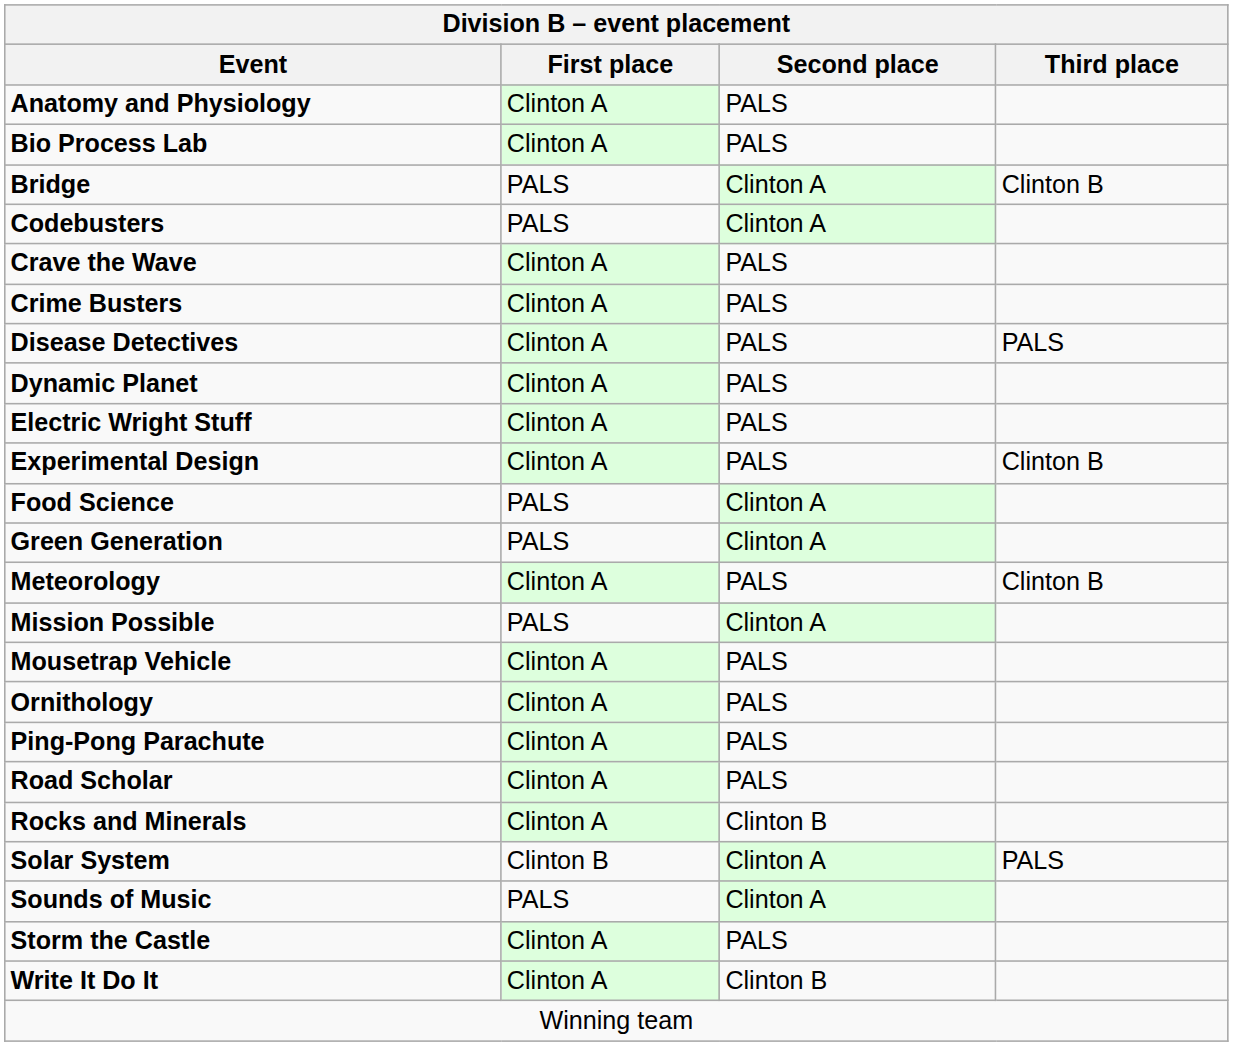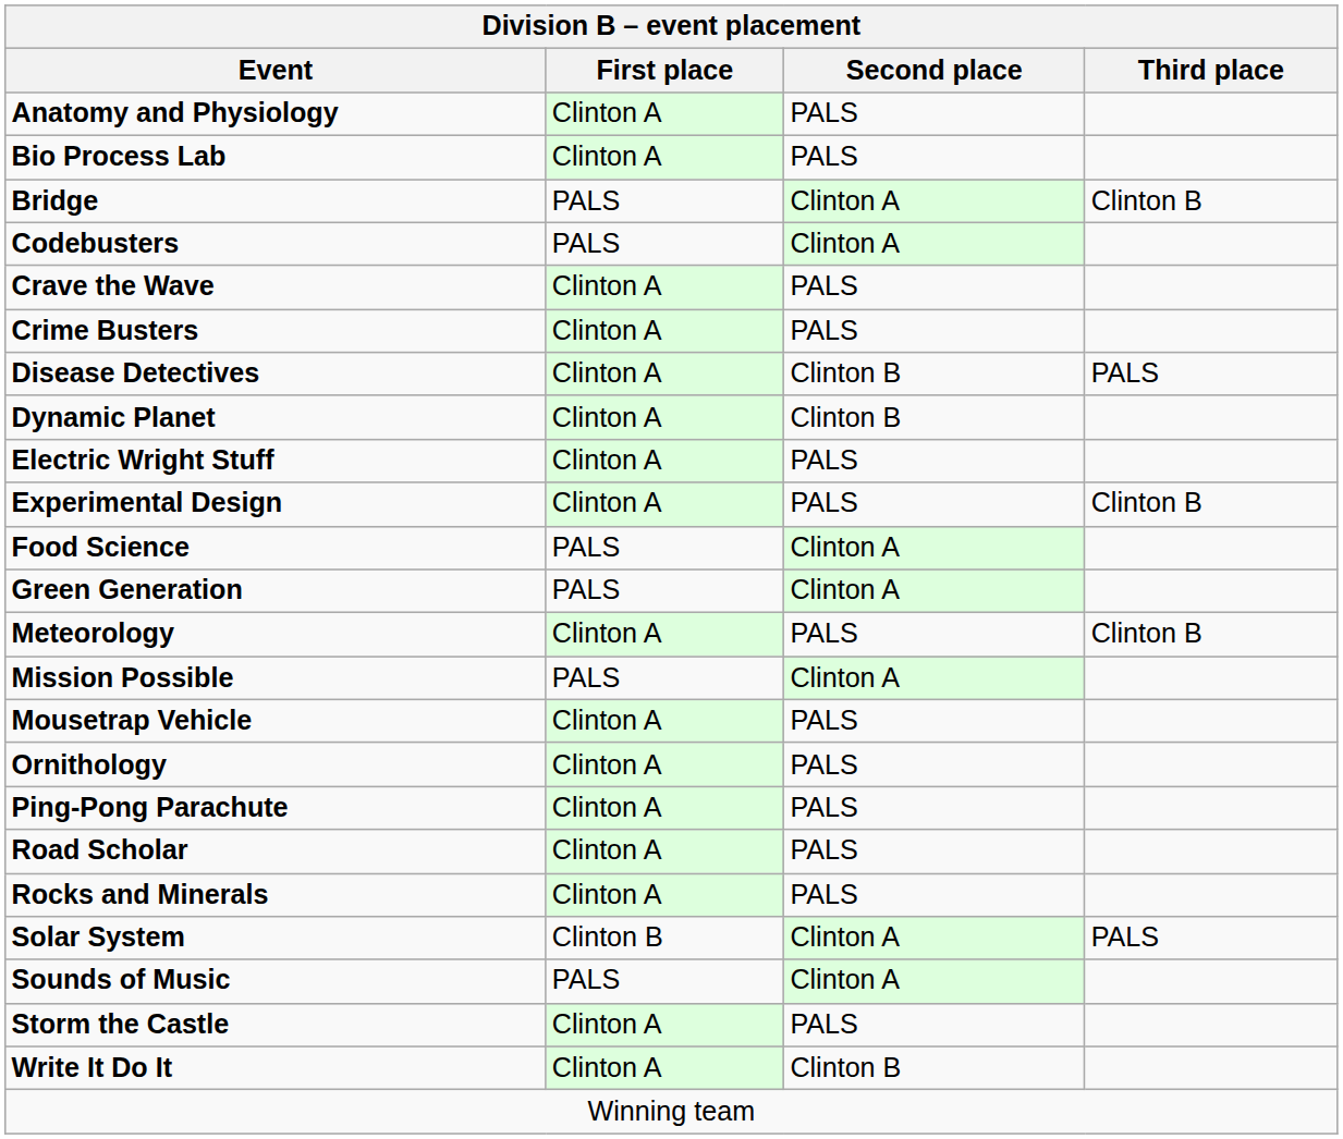 <table class="wikitable collapsible collapsed" style="float:left; width:780px">
 <tr>
 <th colspan=4>Division B – event placement</th>
 </tr>
 <tr>
 <th>Event</th>
 <th>First place</th>
 <th>Second place</th>
 <th>Third place</th>
 </tr>
 <tr>
 <td><strong>Anatomy and Physiology</strong></td>
 <td style="background:#ddffdd">Clinton A</td>
 <td>PALS</td>
 <td></td>
 </tr>
 <tr>
 <td><strong>Bio Process Lab</strong></td>
 <td style="background:#ddffdd">Clinton A</td>
 <td>PALS</td>
 <td></td>
 </tr>
 <tr>
 <td><strong>Bridge</strong></td>
 <td>PALS</td>
 <td style="background:#ddffdd">Clinton A</td>
 <td>Clinton B</td>
 </tr>
 <tr>
 <td><strong>Codebusters</strong></td>
 <td>PALS</td>
 <td style="background:#ddffdd">Clinton A</td>
 <td></td>
 </tr>
 <tr>
 <td><strong>Crave the Wave</strong></td>
 <td style="background:#ddffdd">Clinton A</td>
 <td>PALS</td>
 <td></td>
 </tr>
 <tr>
 <td><strong>Crime Busters</strong></td>
 <td style="background:#ddffdd">Clinton A</td>
 <td>PALS</td>
 <td></td>
 </tr>
 <tr>
 <td><strong>Disease Detectives</strong></td>
 <td style="background:#ddffdd">Clinton A</td>
-<td>PALS</td>
+<td>Clinton B</td>
 <td>PALS</td>
 </tr>
 <tr>
 <td><strong>Dynamic Planet</strong></td>
 <td style="background:#ddffdd">Clinton A</td>
-<td>PALS</td>
+<td>Clinton B</td>
 <td></td>
 </tr>
 <tr>
 <td><strong>Electric Wright Stuff</strong></td>
 <td style="background:#ddffdd">Clinton A</td>
 <td>PALS</td>
 <td></td>
 </tr>
 <tr>
 <td><strong>Experimental Design</strong></td>
 <td style="background:#ddffdd">Clinton A</td>
 <td>PALS</td>
 <td>Clinton B</td>
 </tr>
 <tr>
 <td><strong>Food Science</strong></td>
 <td>PALS</td>
 <td style="background:#ddffdd">Clinton A</td>
 <td></td>
 </tr>
 <tr>
 <td><strong>Green Generation</strong></td>
 <td>PALS</td>
 <td style="background:#ddffdd">Clinton A</td>
 <td></td>
 </tr>
 <tr>
 <td><strong>Meteorology</strong></td>
 <td style="background:#ddffdd">Clinton A</td>
 <td>PALS</td>
 <td>Clinton B</td>
 </tr>
 <tr>
 <td><strong>Mission Possible</strong></td>
 <td>PALS</td>
 <td style="background:#ddffdd">Clinton A</td>
 <td></td>
 </tr>
 <tr>
 <td><strong>Mousetrap Vehicle</strong></td>
 <td style="background:#ddffdd">Clinton A</td>
 <td>PALS</td>
 <td></td>
 </tr>
 <tr>
 <td><strong>Ornithology</strong></td>
 <td style="background:#ddffdd">Clinton A</td>
 <td>PALS</td>
 <td></td>
 </tr>
 <tr>
 <td><strong>Ping-Pong Parachute</strong></td>
 <td style="background:#ddffdd">Clinton A</td>
 <td>PALS</td>
 <td></td>
 </tr>
 <tr>
 <td><strong>Road Scholar</strong></td>
 <td style="background:#ddffdd">Clinton A</td>
 <td>PALS</td>
 <td></td>
 </tr>
 <tr>
 <td><strong>Rocks and Minerals</strong></td>
 <td style="background:#ddffdd">Clinton A</td>
-<td>Clinton B</td>
+<td>PALS</td>
 <td></td>
 </tr>
 <tr>
 <td><strong>Solar System</strong></td>
 <td>Clinton B</td>
 <td style="background:#ddffdd">Clinton A</td>
 <td>PALS</td>
 </tr>
 <tr>
 <td><strong>Sounds of Music</strong></td>
 <td>PALS</td>
 <td style="background:#ddffdd">Clinton A</td>
 <td></td>
 </tr>
 <tr>
 <td><strong>Storm the Castle</strong></td>
 <td style="background:#ddffdd">Clinton A</td>
 <td>PALS</td>
 <td></td>
 </tr>
 <tr>
 <td><strong>Write It Do It</strong></td>
 <td style="background:#ddffdd">Clinton A</td>
 <td>Clinton B</td>
 <td></td>
 </tr>
 <tr>
 <td colspan=5 style=text-align:center> Winning team</td>
 </tr>
 </table>
